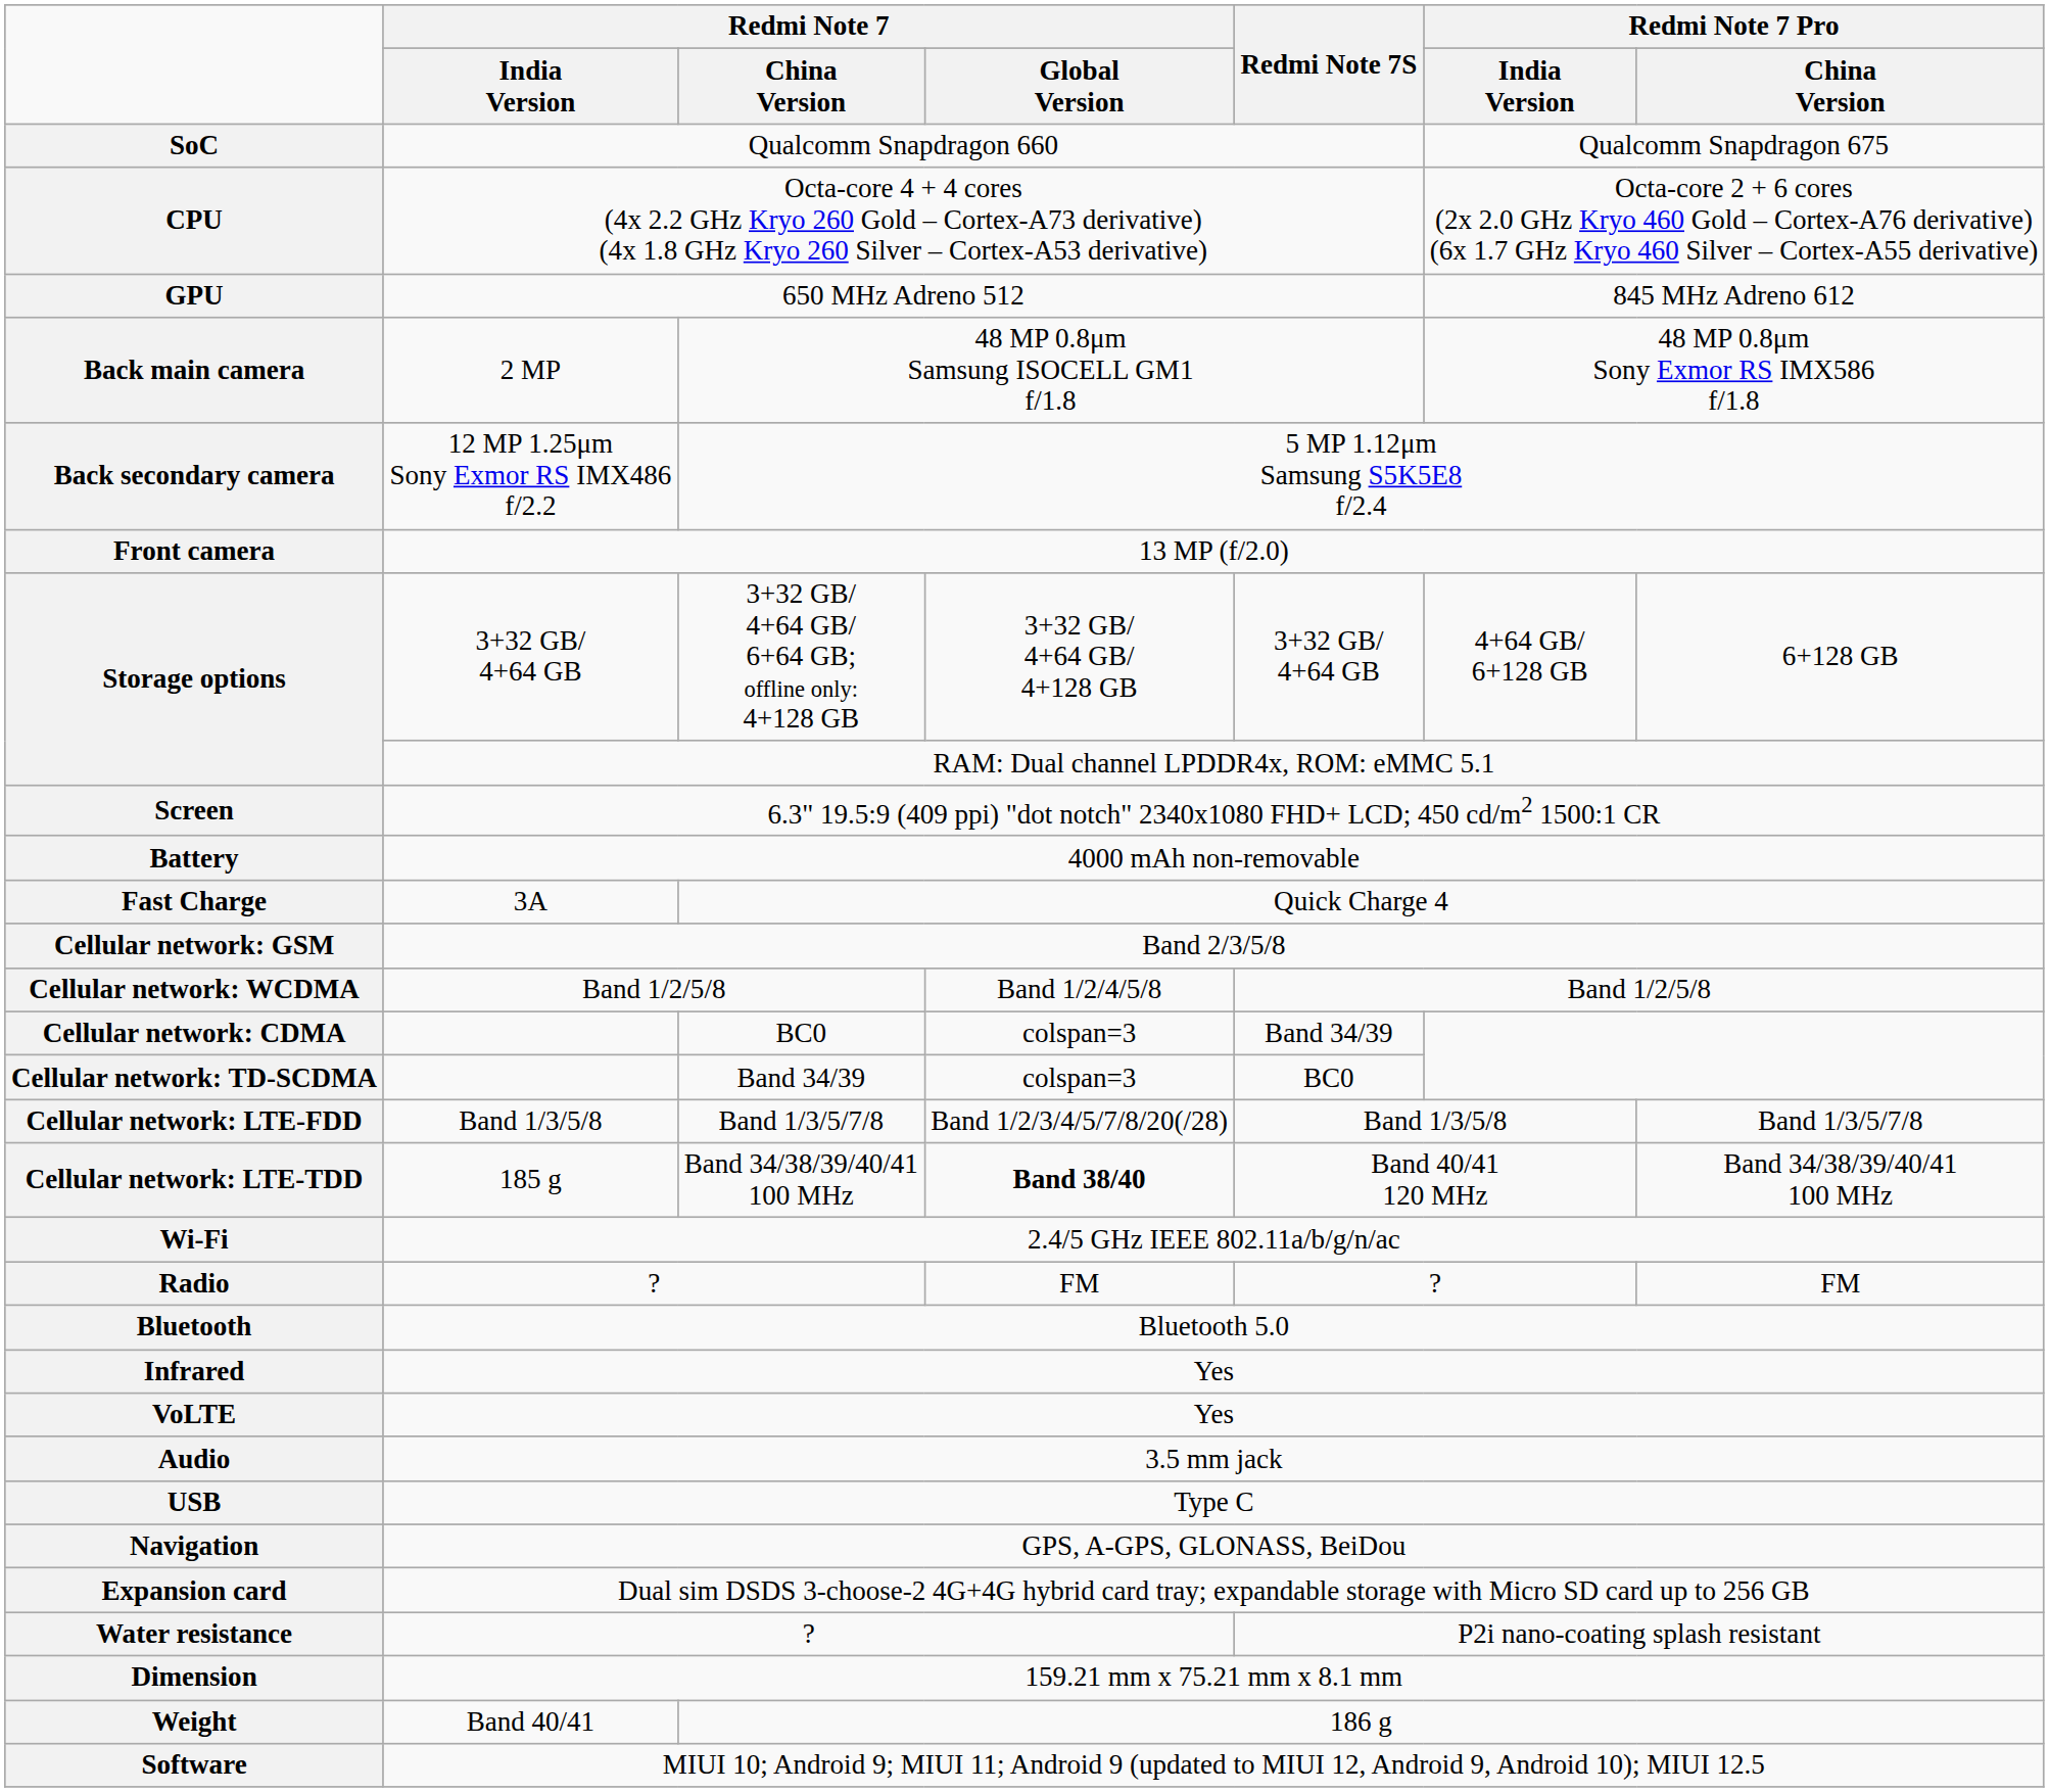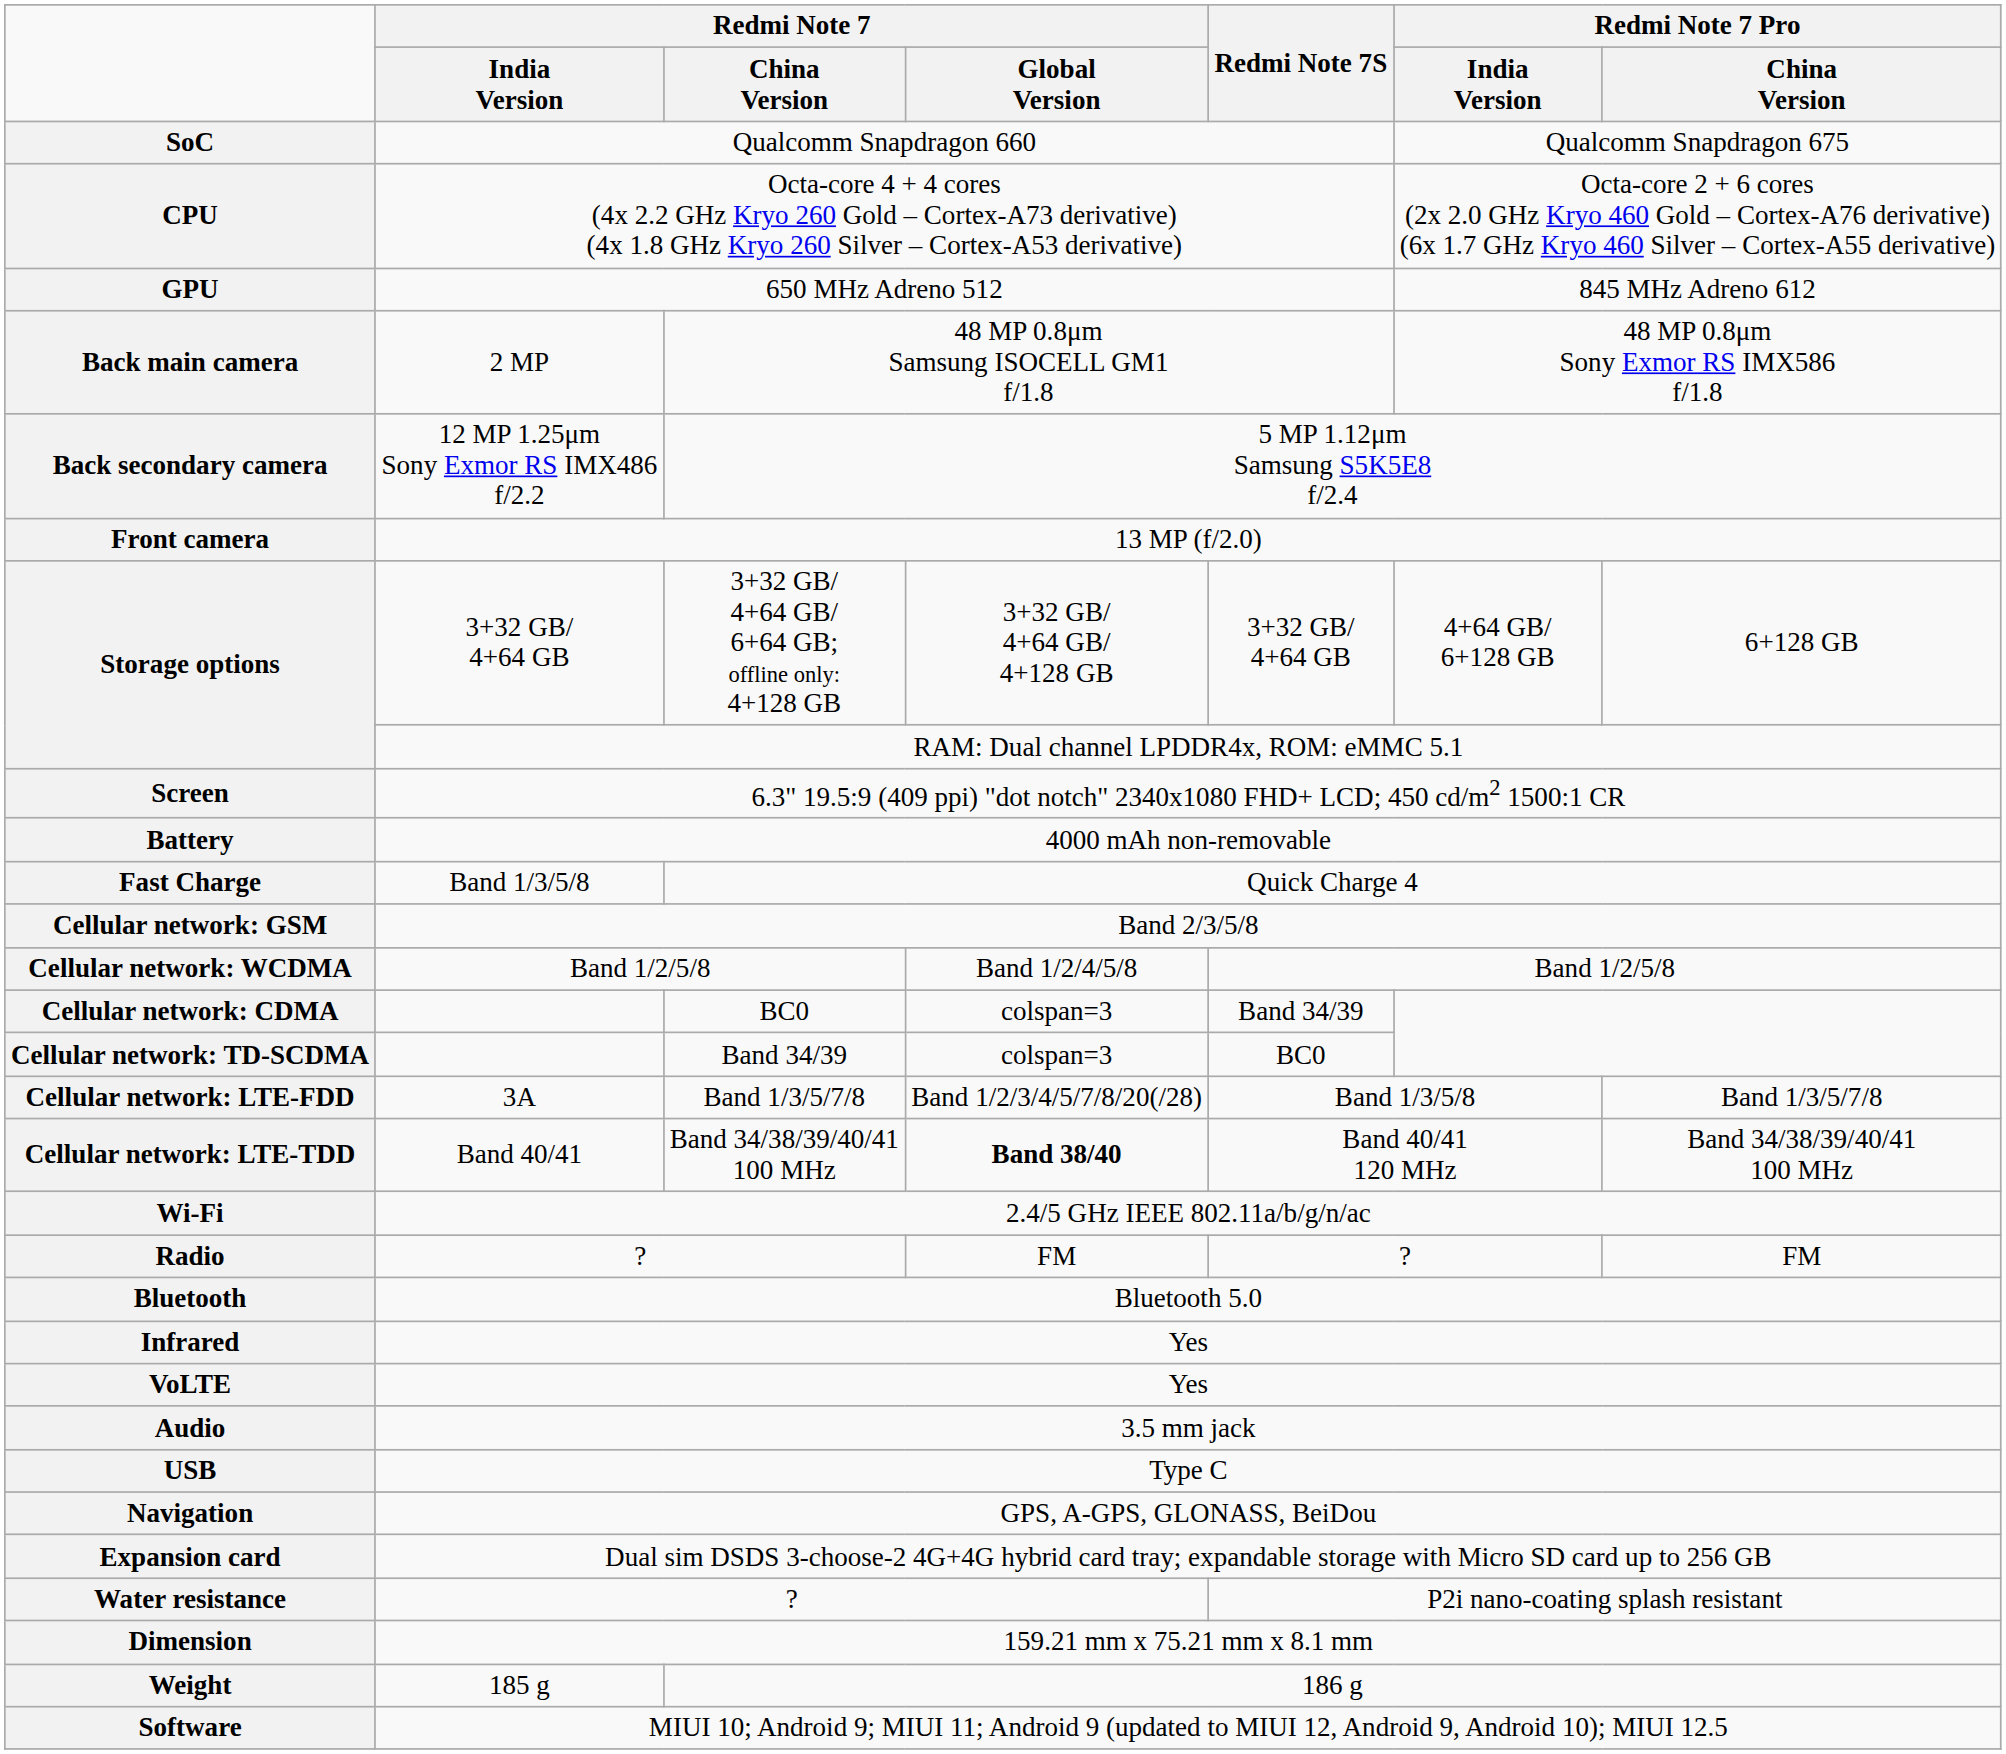 <table class="wikitable" style="text-align: center;">
 <tr>
 <td rowspan=2> </td>
 <th colspan=3>Redmi Note 7</th>
 <th rowspan=2>Redmi Note 7S</th>
 <th colspan=2>Redmi Note 7 Pro</th>
 </tr>
 <tr>
 <th>India<br>Version</th>
 <th>China<br>Version</th>
 <th>Global<br>Version</th>
 <th>India<br>Version</th>
 <th>China<br>Version</th>
 </tr>
 <tr>
 <th>SoC</th>
 <td colspan=4>Qualcomm Snapdragon 660</td>
 <td colspan=2>Qualcomm Snapdragon 675</td>
 </tr>
 <tr>
 <th>CPU</th>
 <td colspan=4>Octa-core 4 + 4 cores<br>(4x 2.2 GHz <a href='#'>Kryo 260</a> Gold – Cortex-A73 derivative)<br>(4x 1.8 GHz <a href='#'>Kryo 260</a> Silver – Cortex-A53 derivative)</td>
 <td colspan=2>Octa-core 2 + 6 cores<br>(2x 2.0 GHz <a href='#'>Kryo 460</a> Gold – Cortex-A76 derivative)<br>(6x 1.7 GHz <a href='#'>Kryo 460</a> Silver – Cortex-A55 derivative)</td>
 </tr>
 <tr>
 <th>GPU</th>
 <td colspan=4>650 MHz Adreno 512</td>
 <td colspan=2>845 MHz Adreno 612</td>
 </tr>
 <tr>
 <th>Back main camera</th>
 <td>2 MP</td>
 <td colspan=3>48 MP 0.8μm<br>Samsung ISOCELL GM1<br>f/1.8</td>
 <td colspan=2>48 MP 0.8μm<br>Sony <a href='#'>Exmor RS</a> IMX586<br>f/1.8</td>
 </tr>
 <tr>
 <th>Back secondary camera</th>
 <td>12 MP 1.25μm<br>Sony <a href='#'>Exmor RS</a> IMX486<br>f/2.2</td>
 <td colspan=5>5 MP 1.12μm<br>Samsung <a href='#'>S5K5E8</a><br>f/2.4</td>
 </tr>
 <tr>
 <th>Front camera</th>
 <td colspan=6>13 MP (f/2.0)</td>
 </tr>
 <tr>
 <th rowspan=2>Storage options</th>
 <td>3+32 GB/<br>4+64 GB</td>
 <td>3+32 GB/<br>4+64 GB/<br>6+64 GB;<br><small>offline only:</small><br>4+128 GB</td>
 <td>3+32 GB/<br>4+64 GB/<br>4+128 GB</td>
 <td>3+32 GB/<br>4+64 GB</td>
 <td>4+64 GB/<br>6+128 GB</td>
 <td>6+128 GB</td>
 </tr>
 <tr>
 <td colspan=6>RAM: Dual channel LPDDR4x, ROM: eMMC 5.1</td>
 </tr>
 <tr>
 <th>Screen</th>
 <td colspan=6>6.3" 19.5:9 (409 ppi) "dot notch" 2340x1080 FHD+ LCD; 450 cd/m<sup>2</sup> 1500:1 CR</td>
 </tr>
 <tr>
 <th>Battery</th>
 <td colspan=6>4000 mAh non-removable</td>
 </tr>
 <tr>
 <th>Fast Charge</th>
-<td>3A</td>
+<td>Band 1/3/5/8</td>
 <td colspan=5>Quick Charge 4</td>
 </tr>
 <tr>
 <th>Cellular network: GSM</th>
 <td colspan=6>Band 2/3/5/8</td>
 </tr>
 <tr>
 <th>Cellular network: WCDMA</th>
 <td colspan=2>Band 1/2/5/8</td>
 <td>Band 1/2/4/5/8</td>
 <td colspan=3>Band 1/2/5/8</td>
 </tr>
 <tr>
 <th>Cellular network: CDMA</th>
 <td></td>
 <td>BC0</td>
 <td>colspan=3</td>
 <td>Band 34/39</td>
 </tr>
 <tr>
 <th>Cellular network: TD-SCDMA</th>
 <td></td>
 <td>Band 34/39</td>
 <td>colspan=3</td>
 <td>BC0</td>
 </tr>
 <tr>
 <th>Cellular network: LTE-FDD</th>
-<td>Band 1/3/5/8</td>
+<td>3A</td>
 <td>Band 1/3/5/7/8</td>
 <td>Band 1/2/3/4/5/7/8/20(/28)</td>
 <td colspan=2>Band 1/3/5/8</td>
 <td>Band 1/3/5/7/8</td>
 </tr>
 <tr>
 <th>Cellular network: LTE-TDD</th>
-<td>185 g</td>
+<td>Band 40/41</td>
 <td>Band 34/38/39/40/41<br>100 MHz</td>
 <td><strong>Band 38/40</strong></td>
 <td colspan=2>Band 40/41<br>120 MHz</td>
 <td>Band 34/38/39/40/41<br>100 MHz</td>
 </tr>
 <tr>
 <th>Wi-Fi</th>
 <td colspan=6>2.4/5 GHz IEEE 802.11a/b/g/n/ac</td>
 </tr>
 <tr>
 <th>Radio</th>
 <td colspan="2">?</td>
 <td>FM</td>
 <td colspan="2">?</td>
 <td>FM</td>
 </tr>
 <tr>
 <th>Bluetooth</th>
 <td colspan=6>Bluetooth 5.0</td>
 </tr>
 <tr>
 <th>Infrared</th>
 <td colspan=6>Yes</td>
 </tr>
 <tr>
 <th>VoLTE</th>
 <td colspan=6>Yes</td>
 </tr>
 <tr>
 <th>Audio</th>
 <td colspan=6>3.5 mm jack</td>
 </tr>
 <tr>
 <th>USB</th>
 <td colspan=6>Type C</td>
 </tr>
 <tr>
 <th>Navigation</th>
 <td colspan=6>GPS, A-GPS, GLONASS, BeiDou</td>
 </tr>
 <tr>
 <th>Expansion card</th>
 <td colspan=6>Dual sim DSDS 3-choose-2 4G+4G hybrid card tray; expandable storage with Micro SD card up to 256 GB</td>
 </tr>
 <tr>
 <th>Water resistance</th>
 <td colspan=3>?</td>
 <td colspan=3>P2i nano-coating splash resistant</td>
 </tr>
 <tr>
 <th>Dimension</th>
 <td colspan=6>159.21 mm x 75.21 mm x 8.1 mm</td>
 </tr>
 <tr>
 <th>Weight</th>
-<td>Band 40/41</td>
+<td>185 g</td>
 <td colspan=5>186 g</td>
 </tr>
 <tr>
 <th>Software</th>
 <td colspan=6>MIUI 10; Android 9; MIUI 11; Android 9 (updated to MIUI 12, Android 9, Android 10); MIUI 12.5</td>
 </tr>
 </table>
